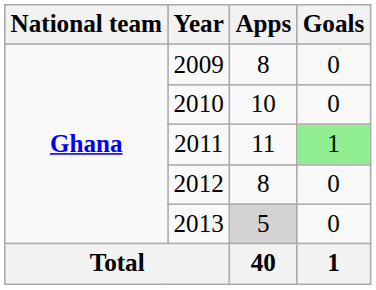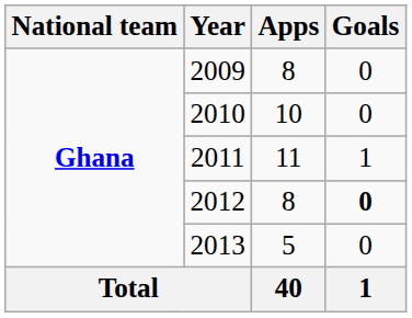 <table class="wikitable" style="text-align: center;">
 <tr>
 <th>National team</th>
 <th>Year</th>
 <th>Apps</th>
 <th>Goals</th>
 </tr>
 <tr>
 <td rowspan="5"><strong><a href='#'>Ghana</a></strong></td>
 <td>2009</td>
 <td>8</td>
 <td>0</td>
 </tr>
 <tr>
 <td>2010</td>
 <td>10</td>
 <td>0</td>
 </tr>
 <tr>
 <td>2011</td>
 <td>11</td>
-<td style="background: lightgreen;">1</td>
+<td>1</td>
 </tr>
 <tr>
 <td>2012</td>
 <td>8</td>
-<td>0</td>
+<td><strong>0</strong></td>
 </tr>
 <tr>
 <td>2013</td>
-<td style="background: lightgrey;">5</td>
+<td>5</td>
 <td>0</td>
 </tr>
 <tr>
 <th colspan=2>Total</th>
 <th>40</th>
 <th>1</th>
 </tr>
 </table>
